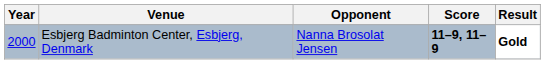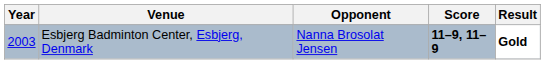 <table class="sortable wikitable" style="font-size:90%;">
 <tr>
 <th>Year</th>
 <th>Venue</th>
 <th>Opponent</th>
 <th>Score</th>
 <th>Result</th>
 </tr>
 <tr style="background:#AABBCC">
-<td align="center"><a href='#'>2000</a></td>
+<td align="center"><a href='#'>2003</a></td>
 <td align="left">Esbjerg Badminton Center, <a href='#'>Esbjerg, Denmark</a></td>
 <td align="left"> <a href='#'>Nanna Brosolat Jensen</a></td>
 <td align="left"><strong>11–9, 11–9</strong></td>
 <td style="text-align:left; background:white"> <strong>Gold</strong></td>
 </tr>
 </table>
